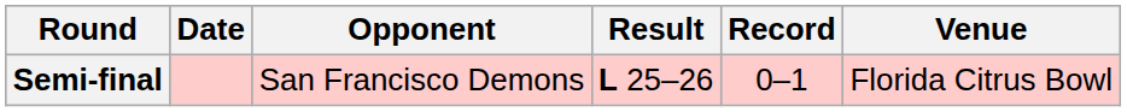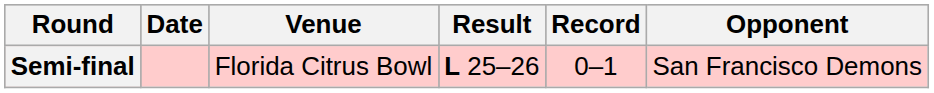 <table class="wikitable" style="text-align:center">
 <tr>
 <th>Round</th>
 <th>Date</th>
-<th>Opponent</th>
+<th>Venue</th>
 <th>Result</th>
 <th>Record</th>
-<th>Venue</th>
+<th>Opponent</th>
 </tr>
 <tr style="background:#fcc">
 <th>Semi-final</th>
 <td></td>
-<td>San Francisco Demons</td>
+<td>Florida Citrus Bowl</td>
 <td><strong>L</strong> 25–26</td>
 <td>0–1</td>
-<td>Florida Citrus Bowl</td>
+<td>San Francisco Demons</td>
 </tr>
 </table>
